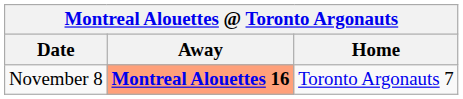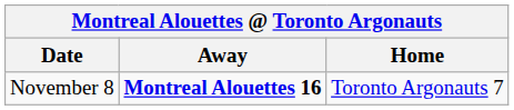 <table class="wikitable">
 <tr>
 <th colspan="3"><a href='#'>Montreal Alouettes</a> @ <a href='#'>Toronto Argonauts</a></th>
 </tr>
 <tr>
 <th>Date</th>
 <th>Away</th>
 <th>Home</th>
 </tr>
 <tr>
 <td>November 8</td>
-<td style="background: lightsalmon;"><strong><a href='#'>Montreal Alouettes</a> 16</strong></td>
+<td><strong><a href='#'>Montreal Alouettes</a> 16</strong></td>
 <td><a href='#'>Toronto Argonauts</a> 7</td>
 </tr>
 </table>
